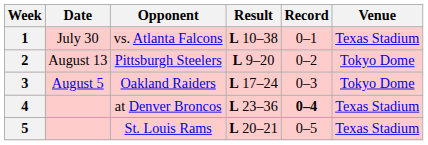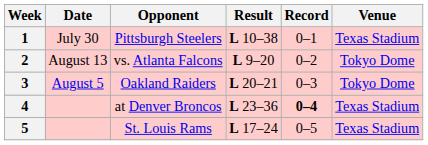 <table class="wikitable" style="text-align:center">
 <tr>
 <th>Week</th>
 <th>Date</th>
 <th>Opponent</th>
 <th>Result</th>
 <th>Record</th>
 <th>Venue</th>
 </tr>
 <tr style="background:#fcc">
 <th>1</th>
 <td>July 30</td>
-<td>vs. <a href='#'>Atlanta Falcons</a></td>
+<td><a href='#'>Pittsburgh Steelers</a></td>
 <td><strong>L</strong> 10–38</td>
 <td>0–1</td>
 <td><a href='#'>Texas Stadium</a></td>
 </tr>
 <tr style="background:#fcc">
 <th>2</th>
 <td>August 13</td>
-<td><a href='#'>Pittsburgh Steelers</a></td>
+<td>vs. <a href='#'>Atlanta Falcons</a></td>
 <td><strong>L</strong> 9–20</td>
 <td>0–2</td>
 <td> <a href='#'>Tokyo Dome</a> </td>
 </tr>
 <tr style="background:#fcc">
 <th>3</th>
 <td><a href='#'>August 5</a></td>
 <td><a href='#'>Oakland Raiders</a></td>
-<td><strong>L</strong> 17–24</td>
+<td><strong>L</strong> 20–21</td>
 <td>0–3</td>
 <td> <a href='#'>Tokyo Dome</a> </td>
 </tr>
 <tr style="background:#fcc">
 <th>4</th>
 <td></td>
 <td>at <a href='#'>Denver Broncos</a></td>
 <td><strong>L</strong> 23–36</td>
 <td><strong>0–4</strong></td>
 <td><a href='#'>Texas Stadium</a></td>
 </tr>
 <tr style="background:#fcc">
 <th>5</th>
 <td></td>
 <td><a href='#'>St. Louis Rams</a></td>
-<td><strong>L</strong> 20–21</td>
+<td><strong>L</strong> 17–24</td>
 <td>0–5</td>
 <td><a href='#'>Texas Stadium</a></td>
 </tr>
 </table>
